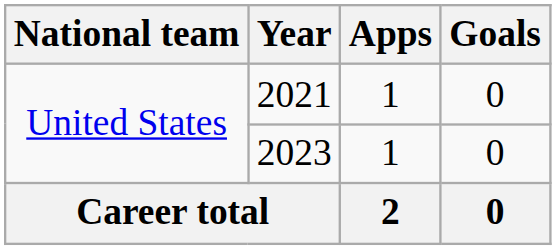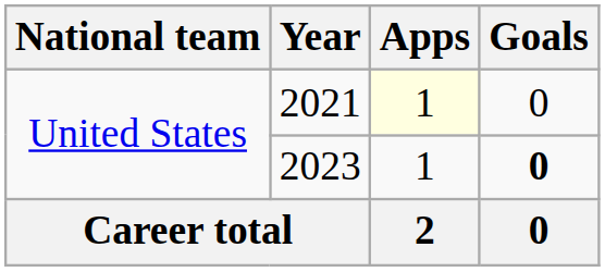 <table class="wikitable" style="text-align:center">
 <tr>
 <th>National team</th>
 <th>Year</th>
 <th>Apps</th>
 <th>Goals</th>
 </tr>
 <tr>
 <td rowspan="2"><a href='#'>United States</a></td>
 <td>2021</td>
-<td>1</td>
+<td style="background: lightyellow;">1</td>
 <td>0</td>
 </tr>
 <tr>
 <td>2023</td>
 <td>1</td>
-<td>0</td>
+<td><strong>0</strong></td>
 </tr>
 <tr>
 <th colspan="2">Career total</th>
 <th>2</th>
 <th>0</th>
 </tr>
 </table>
